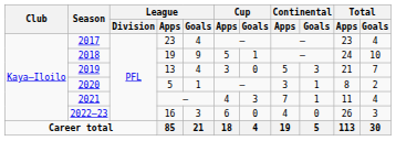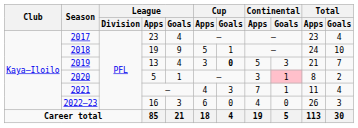 <table class="wikitable" style="text-align: center">
 <tr>
 <th rowspan="2">Club</th>
 <th rowspan="2">Season</th>
 <th colspan="3">League</th>
 <th colspan="2">Cup</th>
 <th colspan="2">Continental</th>
 <th colspan="2">Total</th>
 </tr>
 <tr>
 <th>Division</th>
 <th>Apps</th>
 <th>Goals</th>
 <th>Apps</th>
 <th>Goals</th>
 <th>Apps</th>
 <th>Goals</th>
 <th>Apps</th>
 <th>Goals</th>
 </tr>
 <tr>
 <td rowspan="6"><a href='#'>Kaya–Iloilo</a></td>
 <td><a href='#'>2017</a></td>
 <td rowspan="6"><a href='#'>PFL</a></td>
 <td>23</td>
 <td>4</td>
 <td colspan="2">–</td>
 <td colspan="2">–</td>
 <td>23</td>
 <td>4</td>
 </tr>
 <tr>
 <td><a href='#'>2018</a></td>
 <td>19</td>
 <td>9</td>
 <td>5</td>
 <td>1</td>
 <td colspan="2">–</td>
 <td>24</td>
 <td>10</td>
 </tr>
 <tr>
 <td><a href='#'>2019</a></td>
 <td>13</td>
 <td>4</td>
 <td>3</td>
-<td>0</td>
+<td><strong>0</strong></td>
 <td>5</td>
 <td>3</td>
 <td>21</td>
 <td>7</td>
 </tr>
 <tr>
 <td><a href='#'>2020</a></td>
 <td>5</td>
 <td>1</td>
 <td colspan="2">–</td>
 <td>3</td>
-<td>1</td>
+<td style="background: pink;">1</td>
 <td>8</td>
 <td>2</td>
 </tr>
 <tr>
 <td><a href='#'>2021</a></td>
 <td colspan="2">–</td>
 <td>4</td>
 <td>3</td>
 <td>7</td>
 <td>1</td>
 <td>11</td>
 <td>4</td>
 </tr>
 <tr>
 <td><a href='#'>2022–23</a></td>
 <td>16</td>
 <td>3</td>
 <td>6</td>
 <td>0</td>
 <td>4</td>
 <td>0</td>
 <td>26</td>
 <td>3</td>
 </tr>
 <tr>
 <td ! colspan="3"><strong>Career total</strong></td>
 <th>85</th>
 <th>21</th>
 <th>18</th>
 <th>4</th>
 <th>19</th>
 <th>5</th>
 <th>113</th>
 <th>30</th>
 </tr>
 </table>
